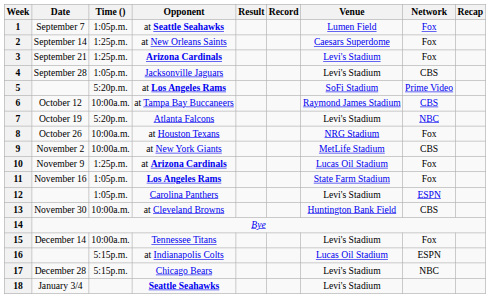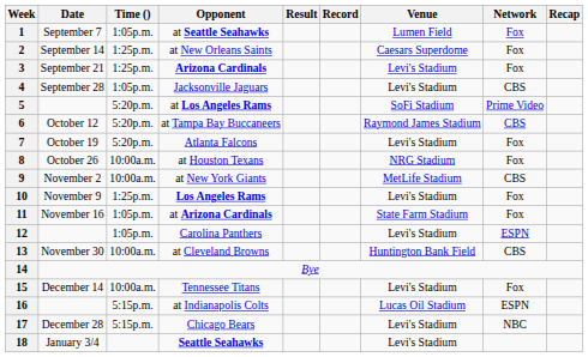 <table class="wikitable" style="text-align:center">
 <tr>
 <th>Week</th>
 <th>Date</th>
 <th>Time (<a href='#'></a>)</th>
 <th>Opponent</th>
 <th>Result</th>
 <th>Record</th>
 <th>Venue</th>
 <th>Network</th>
 <th>Recap</th>
 </tr>
 <tr>
 <th>1 </th>
 <td>September 7</td>
 <td>1:05p.m.</td>
 <td>at <strong><a href='#'>Seattle Seahawks</a></strong></td>
 <td></td>
 <td></td>
 <td><a href='#'>Lumen Field</a></td>
 <td><a href='#'>Fox</a></td>
 <td></td>
 </tr>
 <tr>
 <th>2 </th>
 <td>September 14</td>
 <td>1:25p.m.</td>
 <td>at <a href='#'>New Orleans Saints</a></td>
 <td></td>
 <td></td>
 <td><a href='#'>Caesars Superdome</a></td>
 <td>Fox</td>
 <td></td>
 </tr>
 <tr>
 <th>3 </th>
 <td>September 21</td>
 <td>1:25p.m.</td>
 <td><strong><a href='#'>Arizona Cardinals</a></strong></td>
 <td></td>
 <td></td>
 <td><a href='#'>Levi's Stadium</a></td>
 <td>Fox</td>
 <td></td>
 </tr>
 <tr>
 <th>4 </th>
 <td>September 28</td>
 <td>1:05p.m.</td>
 <td><a href='#'>Jacksonville Jaguars</a></td>
 <td></td>
 <td></td>
 <td>Levi's Stadium</td>
 <td>CBS</td>
 <td></td>
 </tr>
 <tr>
 <th>5 </th>
 <td></td>
 <td>5:20p.m.</td>
 <td>at <strong><a href='#'>Los Angeles Rams</a></strong></td>
 <td></td>
 <td></td>
 <td><a href='#'>SoFi Stadium</a></td>
 <td><a href='#'>Prime Video</a></td>
 <td></td>
 </tr>
 <tr>
 <th>6 </th>
 <td>October 12</td>
-<td>10:00a.m.</td>
+<td>5:20p.m.</td>
 <td>at <a href='#'>Tampa Bay Buccaneers</a></td>
 <td></td>
 <td></td>
 <td><a href='#'>Raymond James Stadium</a></td>
 <td><a href='#'>CBS</a></td>
 <td></td>
 </tr>
 <tr>
 <th>7 </th>
 <td>October 19</td>
 <td>5:20p.m.</td>
 <td><a href='#'>Atlanta Falcons</a></td>
 <td></td>
 <td></td>
 <td>Levi's Stadium</td>
-<td><a href='#'>NBC</a></td>
+<td>Fox</td>
 <td></td>
 </tr>
 <tr>
 <th>8 </th>
 <td>October 26</td>
 <td>10:00a.m.</td>
 <td>at <a href='#'>Houston Texans</a></td>
 <td></td>
 <td></td>
 <td><a href='#'>NRG Stadium</a></td>
 <td>Fox</td>
 <td></td>
 </tr>
 <tr>
 <th>9 </th>
 <td>November 2</td>
 <td>10:00a.m.</td>
 <td>at <a href='#'>New York Giants</a></td>
 <td></td>
 <td></td>
 <td><a href='#'>MetLife Stadium</a></td>
 <td>CBS</td>
 <td></td>
 </tr>
 <tr>
 <th>10 </th>
 <td>November 9</td>
 <td>1:25p.m.</td>
-<td>at <strong><a href='#'>Arizona Cardinals</a></strong></td>
+<td><strong><a href='#'>Los Angeles Rams</a></strong></td>
 <td></td>
 <td></td>
-<td><a href='#'>Lucas Oil Stadium</a></td>
+<td>Levi's Stadium</td>
 <td>Fox</td>
 <td></td>
 </tr>
 <tr>
 <th>11 </th>
 <td>November 16</td>
 <td>1:05p.m.</td>
-<td><strong><a href='#'>Los Angeles Rams</a></strong></td>
+<td>at <strong><a href='#'>Arizona Cardinals</a></strong></td>
 <td></td>
 <td></td>
 <td><a href='#'>State Farm Stadium</a></td>
 <td>Fox</td>
 <td></td>
 </tr>
 <tr>
 <th>12 </th>
 <td></td>
 <td>1:05p.m.</td>
 <td><a href='#'>Carolina Panthers</a></td>
 <td></td>
 <td></td>
 <td>Levi's Stadium</td>
 <td><a href='#'>ESPN</a></td>
 <td></td>
 </tr>
 <tr>
 <th>13 </th>
 <td>November 30</td>
 <td>10:00a.m.</td>
 <td>at <a href='#'>Cleveland Browns</a></td>
 <td></td>
 <td></td>
 <td><a href='#'>Huntington Bank Field</a></td>
 <td>CBS</td>
 <td></td>
 </tr>
 <tr>
 <th>14</th>
 <td colspan=8><em><a href='#'>Bye</a></em></td>
 </tr>
 <tr>
 <th>15 </th>
 <td>December 14</td>
 <td>10:00a.m.</td>
 <td><a href='#'>Tennessee Titans</a></td>
 <td></td>
 <td></td>
 <td>Levi's Stadium</td>
 <td>Fox</td>
 <td></td>
 </tr>
 <tr>
 <th>16 </th>
 <td></td>
 <td>5:15p.m.</td>
 <td>at <a href='#'>Indianapolis Colts</a></td>
 <td></td>
 <td></td>
 <td><a href='#'>Lucas Oil Stadium</a></td>
 <td>ESPN</td>
 <td></td>
 </tr>
 <tr>
 <th>17 </th>
 <td>December 28</td>
 <td>5:15p.m.</td>
 <td><a href='#'>Chicago Bears</a></td>
 <td></td>
 <td></td>
 <td>Levi's Stadium</td>
 <td>NBC</td>
 <td></td>
 </tr>
 <tr>
 <th>18 </th>
 <td>January 3/4</td>
 <td></td>
 <td><strong><a href='#'>Seattle Seahawks</a></strong></td>
 <td></td>
 <td></td>
 <td>Levi's Stadium</td>
 <td></td>
 <td></td>
 </tr>
 </table>
